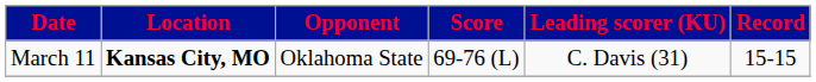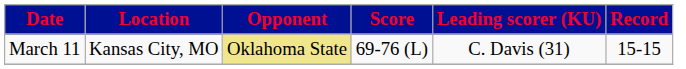 <table class="wikitable" style="text-align:center">
 <tr>
 <th style="background:#001092;color:#F20030;">Date</th>
 <th style="background:#001092;color:#F20030;">Location</th>
 <th style="background:#001092;color:#F20030;">Opponent</th>
 <th style="background:#001092;color:#F20030;">Score</th>
 <th style="background:#001092;color:#F20030;">Leading scorer (KU)</th>
 <th style="background:#001092;color:#F20030;">Record</th>
 </tr>
 <tr>
 <td>March 11</td>
-<td><strong>Kansas City, MO</strong></td>
-<td>Oklahoma State</td>
+<td>Kansas City, MO</td>
+<td style="background: khaki;">Oklahoma State</td>
 <td>69-76 (L)</td>
 <td>C. Davis (31)</td>
 <td>15-15</td>
 </tr>
 <tr>
 </tr>
 </table>
